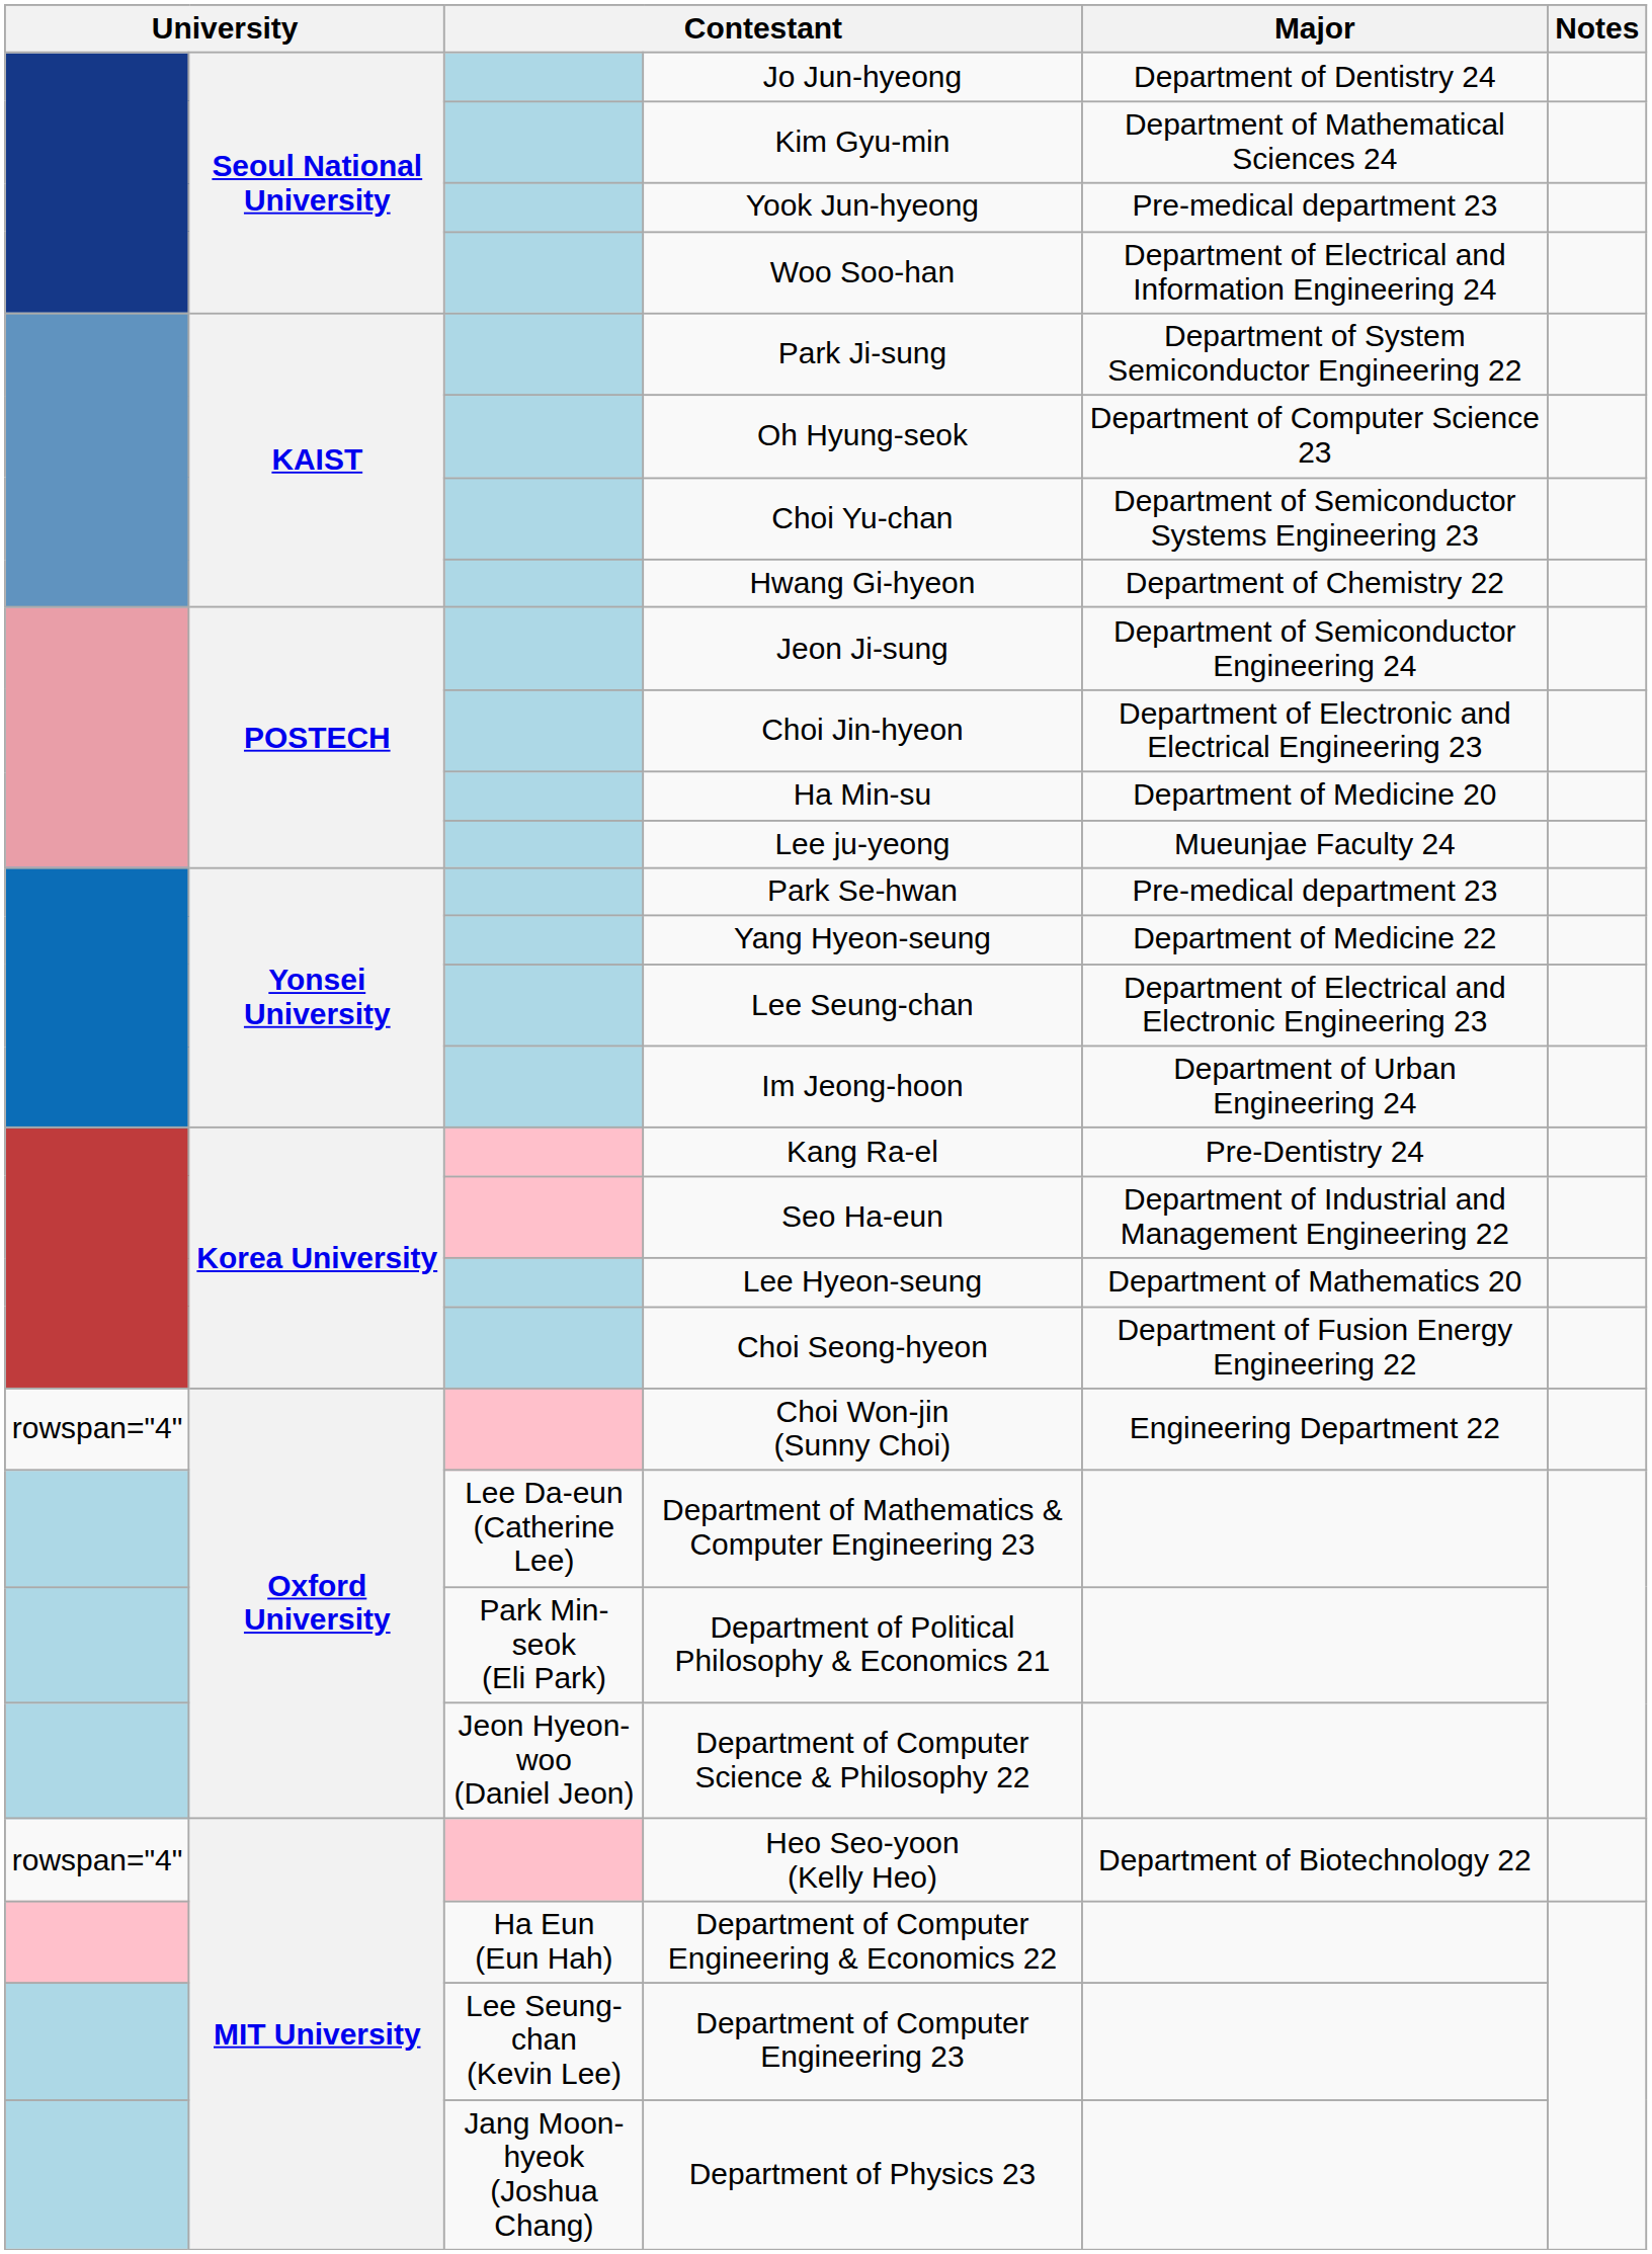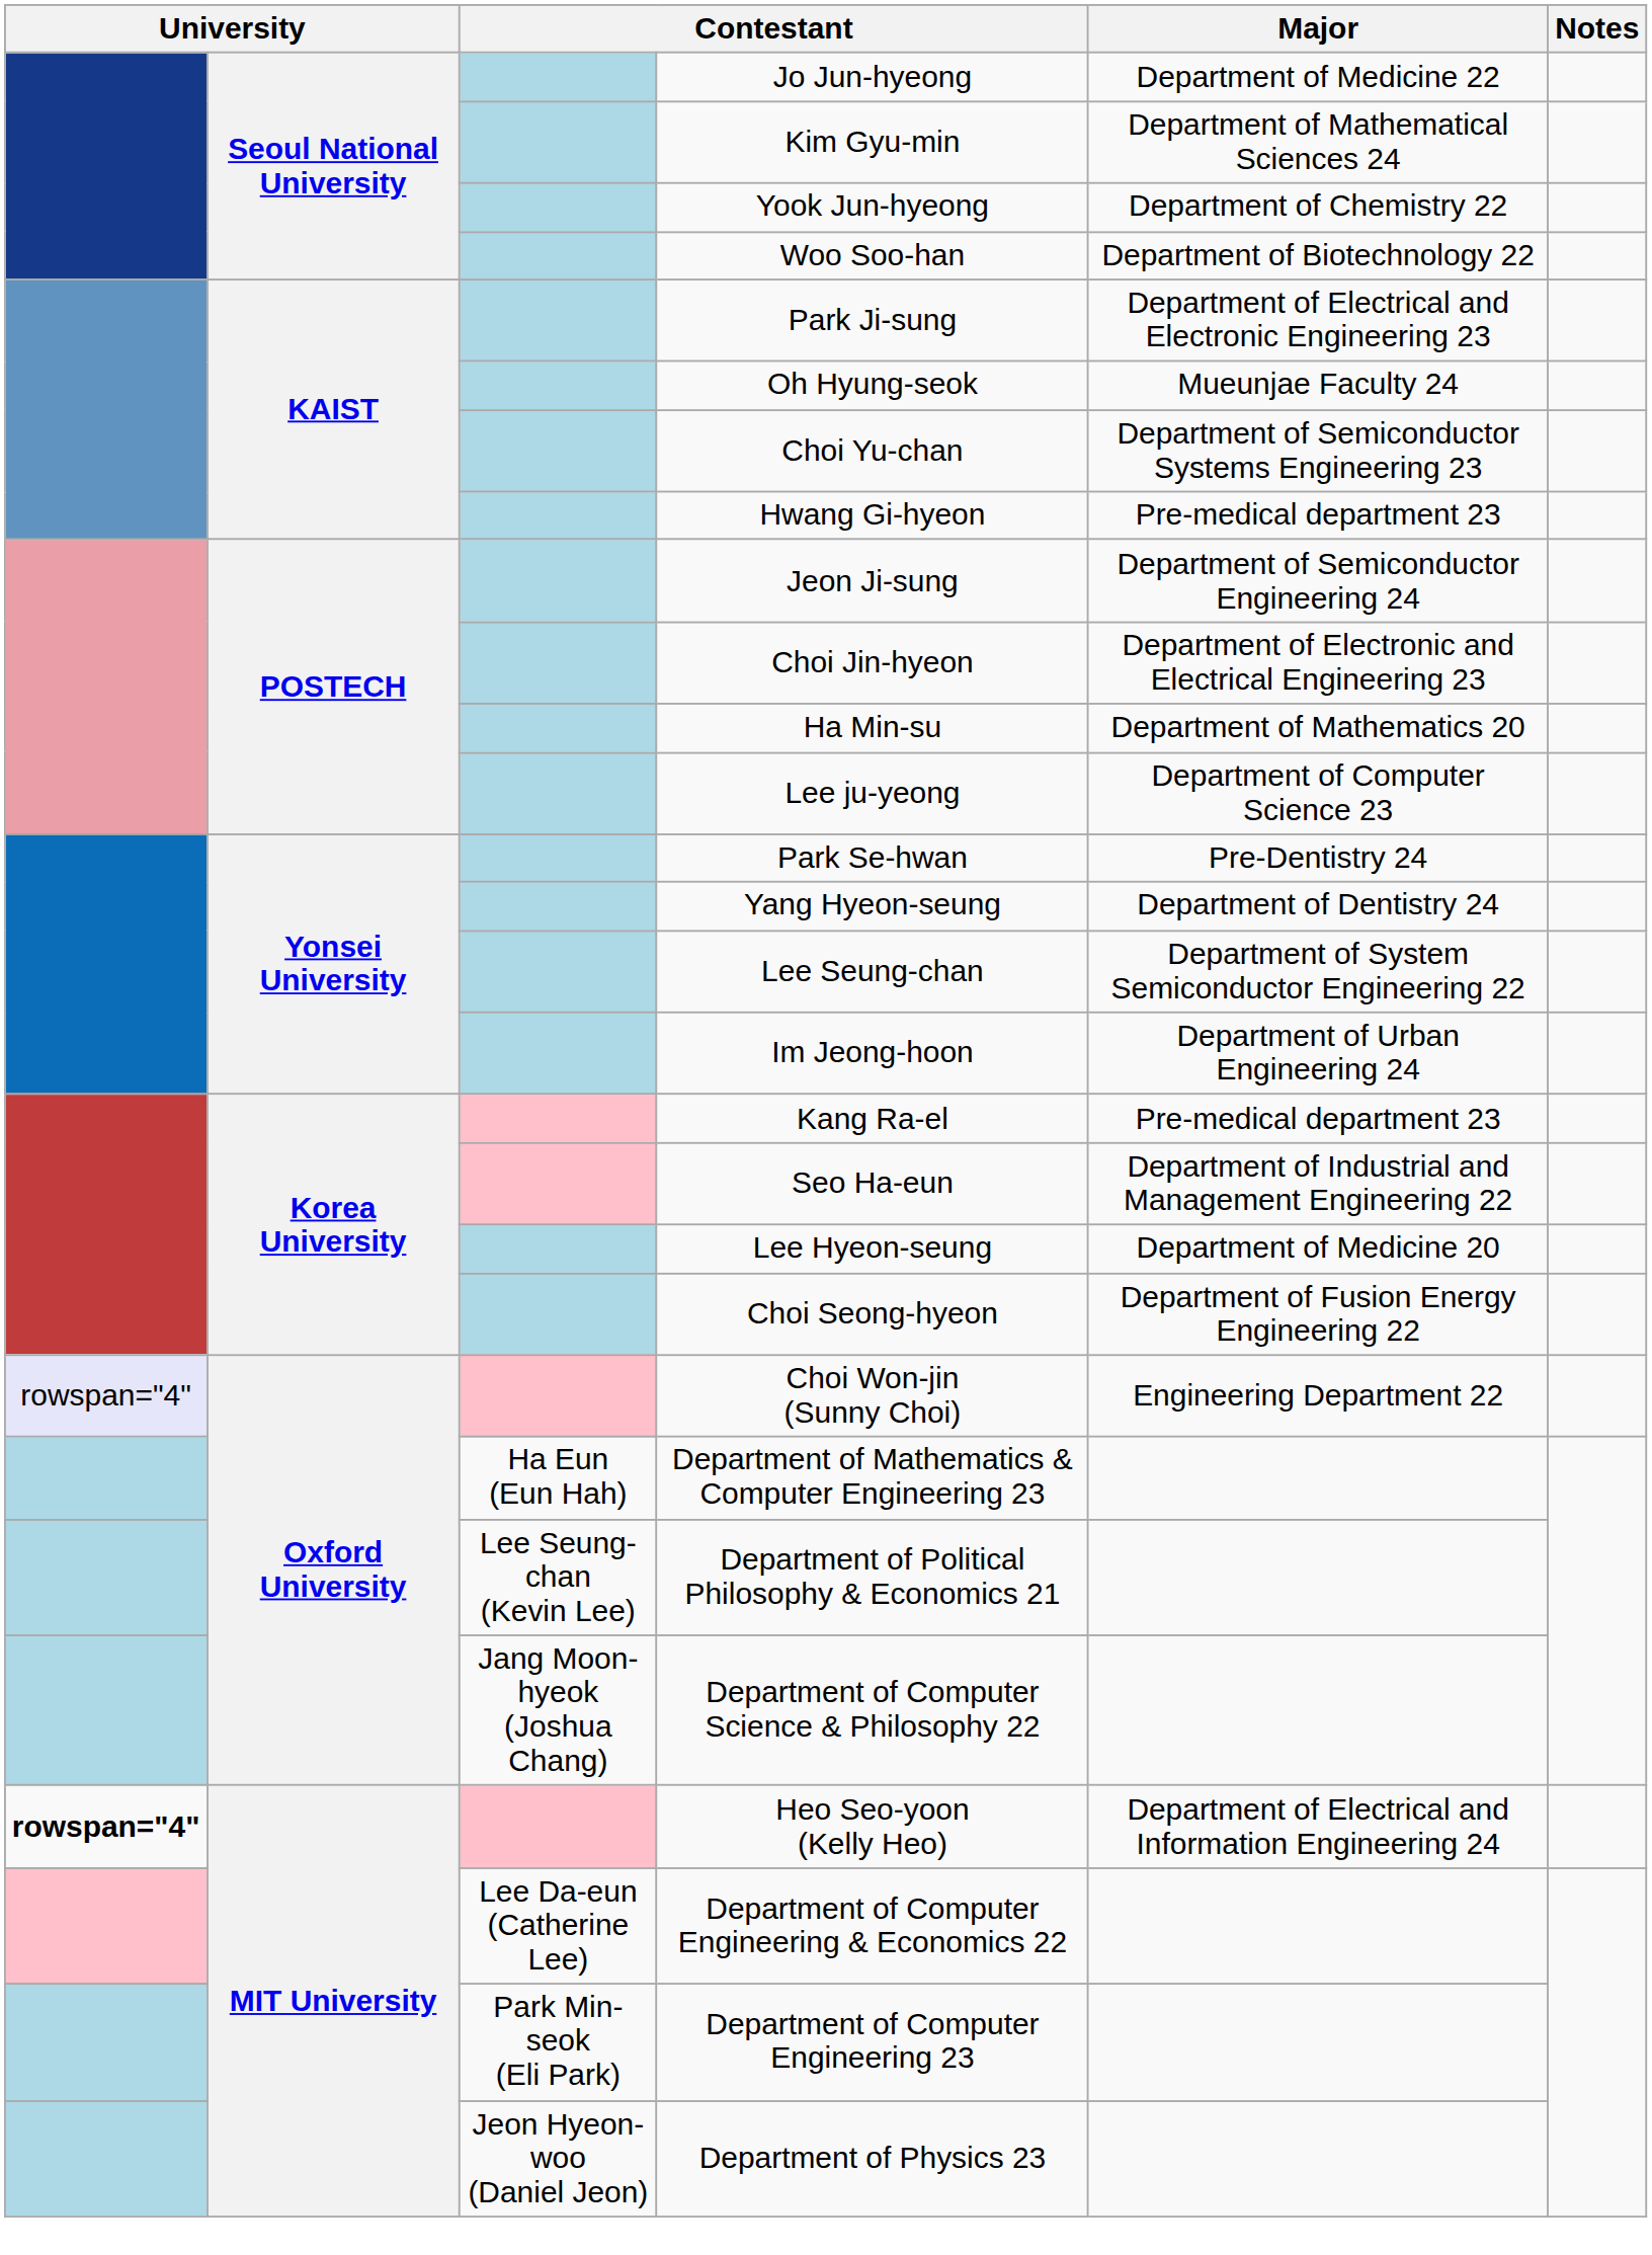 <table class="wikitable sortable" style="text-align:center">
 <tr>
 <th scope="col" colspan="2">University</th>
 <th scope="col" colspan="2">Contestant</th>
 <th scope="col">Major</th>
 <th scope="col">Notes</th>
 </tr>
 <tr>
 <td rowspan="4" style="background-color:#153888"></td>
 <th scope="row" rowspan="4"><a href='#'>Seoul National University</a></th>
 <td style="background-color:lightblue"></td>
 <td>Jo Jun-hyeong</td>
-<td>Department of Dentistry 24</td>
+<td>Department of Medicine 22</td>
 <td></td>
 </tr>
 <tr>
 <td style="background-color:lightblue"></td>
 <td>Kim Gyu-min</td>
 <td>Department of Mathematical Sciences 24</td>
 <td></td>
 </tr>
 <tr>
 <td style="background-color:lightblue"></td>
 <td>Yook Jun-hyeong</td>
-<td>Pre-medical department 23</td>
+<td>Department of Chemistry 22</td>
 <td></td>
 </tr>
 <tr>
 <td style="background-color:lightblue"></td>
 <td>Woo Soo-han</td>
-<td>Department of Electrical and Information Engineering 24</td>
+<td>Department of Biotechnology 22</td>
 <td></td>
 </tr>
 <tr>
 <td rowspan="4" style="background-color:#6093BF"></td>
 <th scope="row" rowspan="4"><a href='#'>KAIST</a></th>
 <td style="background-color:lightblue"></td>
 <td>Park Ji-sung</td>
-<td>Department of System Semiconductor Engineering 22</td>
+<td>Department of Electrical and Electronic Engineering 23</td>
 <td></td>
 </tr>
 <tr>
 <td style="background-color:lightblue"></td>
 <td>Oh Hyung-seok</td>
-<td>Department of Computer Science 23</td>
+<td>Mueunjae Faculty 24</td>
 <td></td>
 </tr>
 <tr>
 <td style="background-color:lightblue"></td>
 <td>Choi Yu-chan</td>
 <td>Department of Semiconductor Systems Engineering 23</td>
 <td></td>
 </tr>
 <tr>
 <td style="background-color:lightblue"></td>
 <td>Hwang Gi-hyeon</td>
-<td>Department of Chemistry 22</td>
+<td>Pre-medical department 23</td>
 <td></td>
 </tr>
 <tr>
 <td rowspan="4" style="background-color:#E99EA8"></td>
 <th scope="row" rowspan="4"><a href='#'>POSTECH</a></th>
 <td style="background-color:lightblue"></td>
 <td>Jeon Ji-sung</td>
 <td>Department of Semiconductor Engineering 24</td>
 <td></td>
 </tr>
 <tr>
 <td style="background-color:lightblue"></td>
 <td>Choi Jin-hyeon</td>
 <td>Department of Electronic and Electrical Engineering 23</td>
 <td></td>
 </tr>
 <tr>
 <td style="background-color:lightblue"></td>
 <td>Ha Min-su</td>
-<td>Department of Medicine 20</td>
+<td>Department of Mathematics 20</td>
 <td></td>
 </tr>
 <tr>
 <td style="background-color:lightblue"></td>
 <td>Lee ju-yeong</td>
-<td>Mueunjae Faculty 24</td>
+<td>Department of Computer Science 23</td>
 <td></td>
 </tr>
 <tr>
 <td rowspan="4" style="background-color:#0B6DB7"></td>
 <th scope="row" rowspan="4"><a href='#'>Yonsei University</a></th>
 <td style="background-color:lightblue"></td>
 <td>Park Se-hwan</td>
-<td>Pre-medical department 23</td>
+<td>Pre-Dentistry 24</td>
 <td></td>
 </tr>
 <tr>
 <td style="background-color:lightblue"></td>
 <td>Yang Hyeon-seung</td>
-<td>Department of Medicine 22</td>
+<td>Department of Dentistry 24</td>
 <td></td>
 </tr>
 <tr>
 <td style="background-color:lightblue"></td>
 <td>Lee Seung-chan</td>
-<td>Department of Electrical and Electronic Engineering 23</td>
+<td>Department of System Semiconductor Engineering 22</td>
 <td></td>
 </tr>
 <tr>
 <td style="background-color:lightblue"></td>
 <td>Im Jeong-hoon</td>
 <td>Department of Urban Engineering 24</td>
 <td></td>
 </tr>
 <tr>
 <td rowspan="4" style="background-color:#BF3B3C"></td>
 <th scope="row" rowspan="4"><a href='#'>Korea University</a></th>
 <td style="background-color:pink"></td>
 <td>Kang Ra-el</td>
-<td>Pre-Dentistry 24</td>
+<td>Pre-medical department 23</td>
 <td></td>
 </tr>
 <tr>
 <td style="background-color:pink"></td>
 <td>Seo Ha-eun</td>
 <td>Department of Industrial and Management Engineering 22</td>
 <td></td>
 </tr>
 <tr>
 <td style="background-color:lightblue"></td>
 <td>Lee Hyeon-seung</td>
-<td>Department of Mathematics 20</td>
+<td>Department of Medicine 20</td>
 <td></td>
 </tr>
 <tr>
 <td style="background-color:lightblue"></td>
 <td>Choi Seong-hyeon</td>
 <td>Department of Fusion Energy Engineering 22</td>
 <td></td>
 </tr>
 <tr>
-<td>rowspan="4" </td>
+<td style="background: lavender;">rowspan="4" </td>
 <th scope="row" rowspan="4"><a href='#'>Oxford University</a></th>
 <td style="background-color:pink"></td>
 <td>Choi Won-jin<br>(Sunny Choi)</td>
 <td>Engineering Department 22</td>
 <td></td>
 </tr>
 <tr>
 <td style="background-color:lightblue"></td>
-<td>Lee Da-eun<br>(Catherine Lee)</td>
+<td>Ha Eun<br>(Eun Hah)</td>
 <td>Department of Mathematics & Computer Engineering 23</td>
 <td></td>
 </tr>
 <tr>
 <td style="background-color:lightblue"></td>
-<td>Park Min-seok<br>(Eli Park)</td>
+<td>Lee Seung-chan<br>(Kevin Lee)</td>
 <td>Department of Political Philosophy & Economics 21</td>
 <td></td>
 </tr>
 <tr>
 <td style="background-color:lightblue"></td>
-<td>Jeon Hyeon-woo<br>(Daniel Jeon)</td>
+<td>Jang Moon-hyeok<br>(Joshua Chang)</td>
 <td>Department of Computer Science & Philosophy 22</td>
 <td></td>
 </tr>
 <tr>
-<td>rowspan="4" </td>
+<td><strong>rowspan="4" </strong></td>
 <th scope="row" rowspan="4"><a href='#'>MIT University</a></th>
 <td style="background-color:pink"></td>
 <td>Heo Seo-yoon<br>(Kelly Heo)</td>
-<td>Department of Biotechnology 22</td>
+<td>Department of Electrical and Information Engineering 24</td>
 <td></td>
 </tr>
 <tr>
 <td style="background-color:pink"></td>
-<td>Ha Eun<br>(Eun Hah)</td>
+<td>Lee Da-eun<br>(Catherine Lee)</td>
 <td>Department of Computer Engineering & Economics 22</td>
 <td></td>
 </tr>
 <tr>
 <td style="background-color:lightblue"></td>
-<td>Lee Seung-chan<br>(Kevin Lee)</td>
+<td>Park Min-seok<br>(Eli Park)</td>
 <td>Department of Computer Engineering 23</td>
 <td></td>
 </tr>
 <tr>
 <td style="background-color:lightblue"></td>
-<td>Jang Moon-hyeok<br>(Joshua Chang)</td>
+<td>Jeon Hyeon-woo<br>(Daniel Jeon)</td>
 <td>Department of Physics 23</td>
 <td></td>
 </tr>
 </table>
